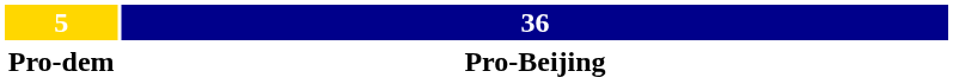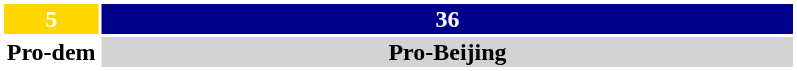 <table style="width:60%; text-align:center;">
 <tr style="color:white;">
 <td style="background:gold; width:12%;"><strong>5</strong></td>
 <td style="background:darkblue; width:88%;"><strong>36</strong></td>
 </tr>
 <tr>
 <td><span><strong>Pro-dem</strong></span></td>
-<td><span><strong>Pro-Beijing</strong></span></td>
+<td style="background: lightgrey;"><span><strong>Pro-Beijing</strong></span></td>
 </tr>
 </table>
